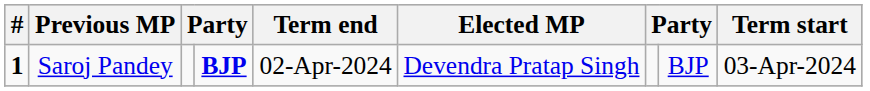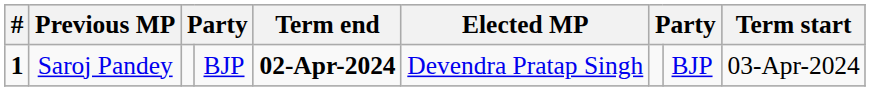 <table class="wikitable" style="text-align:center;">
 <tr>
 <th>#</th>
 <th>Previous MP</th>
 <th colspan="2">Party</th>
 <th>Term end</th>
 <th>Elected MP</th>
 <th colspan="2">Party</th>
 <th>Term start</th>
 </tr>
 <tr>
 <td><strong>1</strong></td>
 <td><a href='#'>Saroj Pandey</a></td>
 <td width="1px"></td>
-<td><strong><a href='#'>BJP</a></strong></td>
-<td>02-Apr-2024</td>
+<td><a href='#'>BJP</a></td>
+<td><strong>02-Apr-2024</strong></td>
 <td><a href='#'>Devendra Pratap Singh</a></td>
 <td width="1px"></td>
 <td><a href='#'>BJP</a></td>
 <td>03-Apr-2024</td>
 </tr>
 </table>
